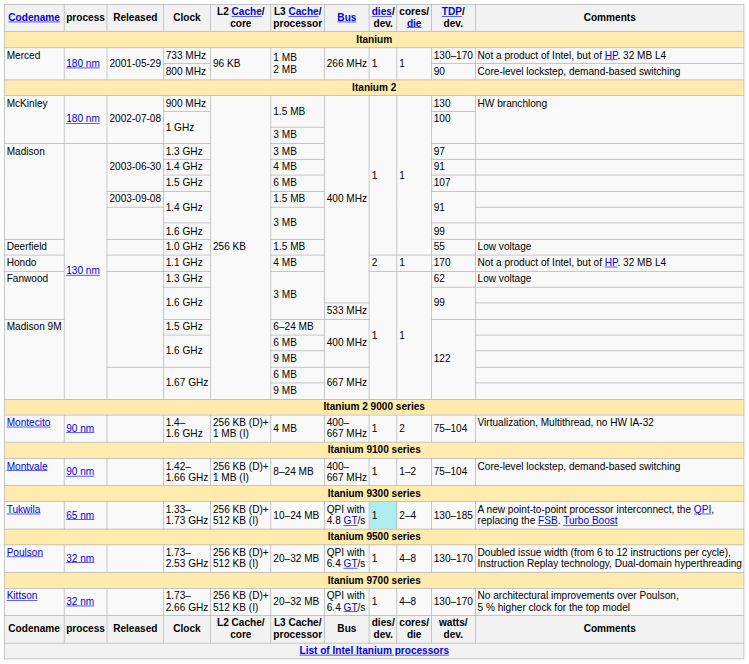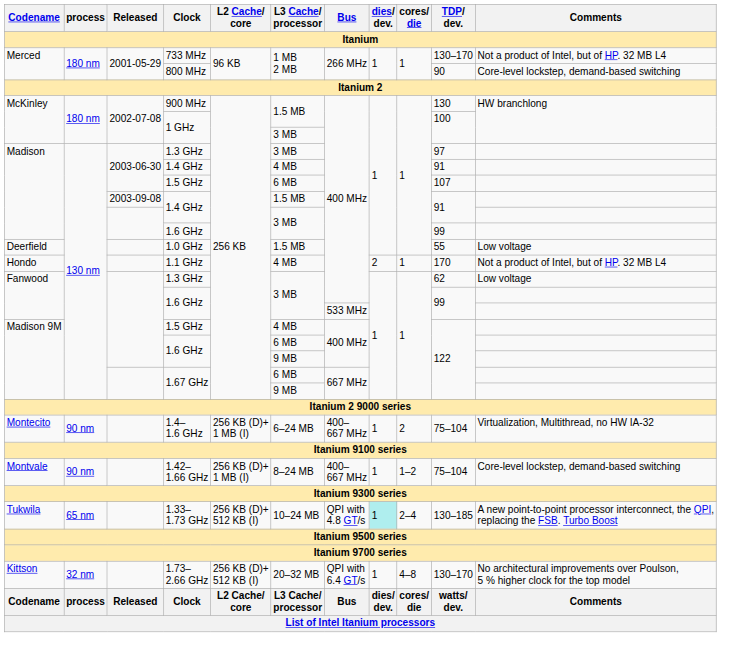 <table class="wikitable">
 <tr>
 <th><a href='#'>Codename</a></th>
 <th>process</th>
 <th>Released</th>
 <th>Clock</th>
 <th>L2 <a href='#'>Cache</a>/<br>core</th>
 <th>L3 <a href='#'>Cache</a>/<br>processor</th>
 <th><a href='#'>Bus</a></th>
 <th><a href='#'>dies</a>/<br>dev.</th>
 <th>cores/<br><a href='#'>die</a></th>
 <th><a href='#'>TDP</a>/<br>dev.</th>
 <th>Comments</th>
 </tr>
 <tr>
 <th colspan="11" style="background:#ffebad;">Itanium</th>
 </tr>
 <tr>
 <td rowspan="2" style="vertical-align:top;">Merced</td>
 <td rowspan="2"><a href='#'>180 nm</a></td>
 <td rowspan="2">2001-05-29</td>
 <td>733 MHz</td>
 <td rowspan="2">96 KB</td>
 <td rowspan="2">1 MB<br>2 MB</td>
 <td rowspan="2">266 MHz</td>
 <td rowspan="2">1</td>
 <td rowspan="2">1</td>
 <td>130–170</td>
 <td>Not a product of Intel, but of <a href='#'>HP</a>. 32 MB L4</td>
 </tr>
 <tr>
 <td>800 MHz</td>
 <td>90</td>
 <td valign="top">Core-level lockstep, demand-based switching</td>
 </tr>
 <tr>
 <th colspan="11" style="background:#ffebad;">Itanium 2</th>
 </tr>
 <tr>
 <td rowspan="3" style="vertical-align:top;">McKinley</td>
 <td rowspan="3"><a href='#'>180 nm</a></td>
 <td rowspan="3">2002-07-08</td>
 <td>900 MHz</td>
 <td rowspan="19">256 KB</td>
 <td rowspan="2">1.5 MB</td>
 <td rowspan="13">400 MHz</td>
 <td rowspan="10">1</td>
 <td rowspan="10">1</td>
 <td>130</td>
 <td rowspan=3 style="vertical-align:top;">HW branchlong</td>
 </tr>
 <tr>
 <td rowspan="2">1 GHz</td>
 <td style='border-style: solid solid none solid;'>100</td>
 </tr>
 <tr>
 <td>3 MB</td>
 <td style='border-style: none solid solid solid;'></td>
 </tr>
 <tr>
 <td rowspan="6" style="vertical-align:top;">Madison</td>
 <td rowspan="16"><a href='#'>130 nm</a></td>
 <td rowspan="3">2003-06-30</td>
 <td>1.3 GHz</td>
 <td>3 MB</td>
 <td>97</td>
 <td></td>
 </tr>
 <tr>
 <td>1.4 GHz</td>
 <td>4 MB</td>
 <td>91</td>
 <td></td>
 </tr>
 <tr>
 <td>1.5 GHz</td>
 <td>6 MB</td>
 <td>107</td>
 <td></td>
 </tr>
 <tr>
 <td>2003-09-08</td>
 <td rowspan="2">1.4 GHz</td>
 <td>1.5 MB</td>
 <td rowspan=2>91</td>
 <td></td>
 </tr>
 <tr>
 <td rowspan="2"></td>
 <td rowspan=2>3 MB</td>
 <td> </td>
 </tr>
 <tr>
 <td>1.6 GHz</td>
 <td>99</td>
 <td></td>
 </tr>
 <tr>
 <td>Deerfield</td>
 <td></td>
 <td>1.0 GHz</td>
 <td>1.5 MB</td>
 <td>55</td>
 <td>Low voltage</td>
 </tr>
 <tr>
 <td>Hondo</td>
 <td></td>
 <td>1.1 GHz</td>
 <td>4 MB</td>
 <td>2</td>
 <td>1</td>
 <td>170</td>
 <td>Not a product of Intel, but of <a href='#'>HP</a>. 32 MB L4</td>
 </tr>
 <tr>
 <td rowspan="3" style="vertical-align:top;">Fanwood</td>
 <td rowspan="6"></td>
 <td>1.3 GHz</td>
 <td rowspan=3>3 MB</td>
 <td rowspan="8">1</td>
 <td rowspan="8">1</td>
 <td>62</td>
 <td>Low voltage</td>
 </tr>
 <tr>
 <td rowspan="2">1.6 GHz</td>
 <td rowspan="2">99</td>
 <td> </td>
 </tr>
 <tr>
 <td>533 MHz</td>
 <td></td>
 </tr>
 <tr>
 <td rowspan="5" style="vertical-align:top;">Madison 9M</td>
 <td>1.5 GHz</td>
-<td>6–24 MB</td>
+<td>4 MB</td>
 <td rowspan="3">400 MHz</td>
 <td rowspan="5">122</td>
 <td></td>
 </tr>
 <tr>
 <td rowspan="2">1.6 GHz</td>
 <td>6 MB</td>
 <td></td>
 </tr>
 <tr>
 <td>9 MB</td>
 <td></td>
 </tr>
 <tr>
 <td rowspan="2"></td>
 <td rowspan="2">1.67 GHz</td>
 <td>6 MB</td>
 <td rowspan="2">667 MHz</td>
 <td></td>
 </tr>
 <tr>
 <td>9 MB</td>
 <td></td>
 </tr>
 <tr>
 <th colspan="11" style="background:#ffebad;">Itanium 2 9000 series</th>
 </tr>
 <tr>
 <td style="vertical-align:top;"><a href='#'>Montecito</a></td>
 <td><a href='#'>90 nm</a></td>
 <td></td>
 <td>1.4–<br>1.6 GHz</td>
 <td>256 KB (D)+<br>1 MB (I)</td>
-<td>4 MB</td>
+<td>6–24 MB</td>
 <td>400–<br>667 MHz</td>
 <td>1</td>
 <td>2</td>
 <td>75–104</td>
 <td style="vertical-align:top;">Virtualization, Multithread, no HW IA-32</td>
 </tr>
 <tr>
 <th colspan="11" style="background:#ffebad;">Itanium 9100 series</th>
 </tr>
 <tr>
 <td valign="top"><a href='#'>Montvale</a></td>
 <td><a href='#'>90 nm</a></td>
 <td></td>
 <td>1.42–<br>1.66 GHz</td>
 <td>256 KB (D)+<br>1 MB (I)</td>
 <td>8–24 MB</td>
 <td>400–<br>667 MHz</td>
 <td>1</td>
 <td>1–2</td>
 <td>75–104</td>
 <td valign="top">Core-level lockstep, demand-based switching</td>
 </tr>
 <tr>
 <th colspan="11" style="background:#ffebad;">Itanium 9300 series</th>
 </tr>
 <tr>
 <td valign="top"><a href='#'>Tukwila</a></td>
 <td><a href='#'>65 nm</a></td>
 <td></td>
 <td>1.33–<br>1.73 GHz</td>
 <td>256 KB (D)+<br>512 KB (I)</td>
 <td>10–24 MB</td>
 <td>QPI with<br>4.8 <a href='#'>GT</a>/s</td>
 <td style="background: paleturquoise;">1</td>
 <td>2–4</td>
 <td>130–185</td>
 <td valign="top">A new point-to-point processor interconnect, the <a href='#'>QPI</a>,<br>replacing the <a href='#'>FSB</a>. <a href='#'>Turbo Boost</a></td>
 </tr>
 <tr>
 <th colspan="11" style="background:#ffebad;">Itanium 9500 series</th>
 </tr>
 <tr>
-<td valign="top"><a href='#'>Poulson</a></td>
-<td><a href='#'>32 nm</a></td>
-<td><br></td>
-<td>1.73–<br>2.53 GHz</td>
-<td>256 KB (D)+<br>512 KB (I)</td>
-<td>20–32 MB</td>
-<td>QPI with<br>6.4 <a href='#'>GT</a>/s</td>
-<td>1</td>
-<td>4–8</td>
-<td>130–170</td>
-<td valign="top">Doubled issue width (from 6 to 12 instructions per cycle),<br>Instruction Replay technology, Dual-domain hyperthreading</td>
-</tr>
-<tr>
 <th colspan="11" style="background:#ffebad;">Itanium 9700 series</th>
 </tr>
 <tr>
 <td valign="top"><a href='#'>Kittson</a></td>
 <td><a href='#'>32 nm</a></td>
 <td><br></td>
 <td>1.73–<br>2.66 GHz</td>
 <td>256 KB (D)+<br>512 KB (I)</td>
 <td>20–32 MB</td>
 <td>QPI with<br>6.4 <a href='#'>GT</a>/s</td>
 <td>1</td>
 <td>4–8</td>
 <td>130–170</td>
 <td>No architectural improvements over Poulson,<br>5 % higher clock for the top model</td>
 </tr>
 <tr>
 <th>Codename</th>
 <th>process</th>
 <th>Released</th>
 <th>Clock</th>
 <th>L2 Cache/<br>core</th>
 <th>L3 Cache/<br>processor</th>
 <th>Bus</th>
 <th>dies/<br>dev.</th>
 <th>cores/<br>die</th>
 <th>watts/<br>dev.</th>
 <th>Comments</th>
 </tr>
 <tr>
 <th colspan="11"><a href='#'>List of Intel Itanium processors</a></th>
 </tr>
 </table>
